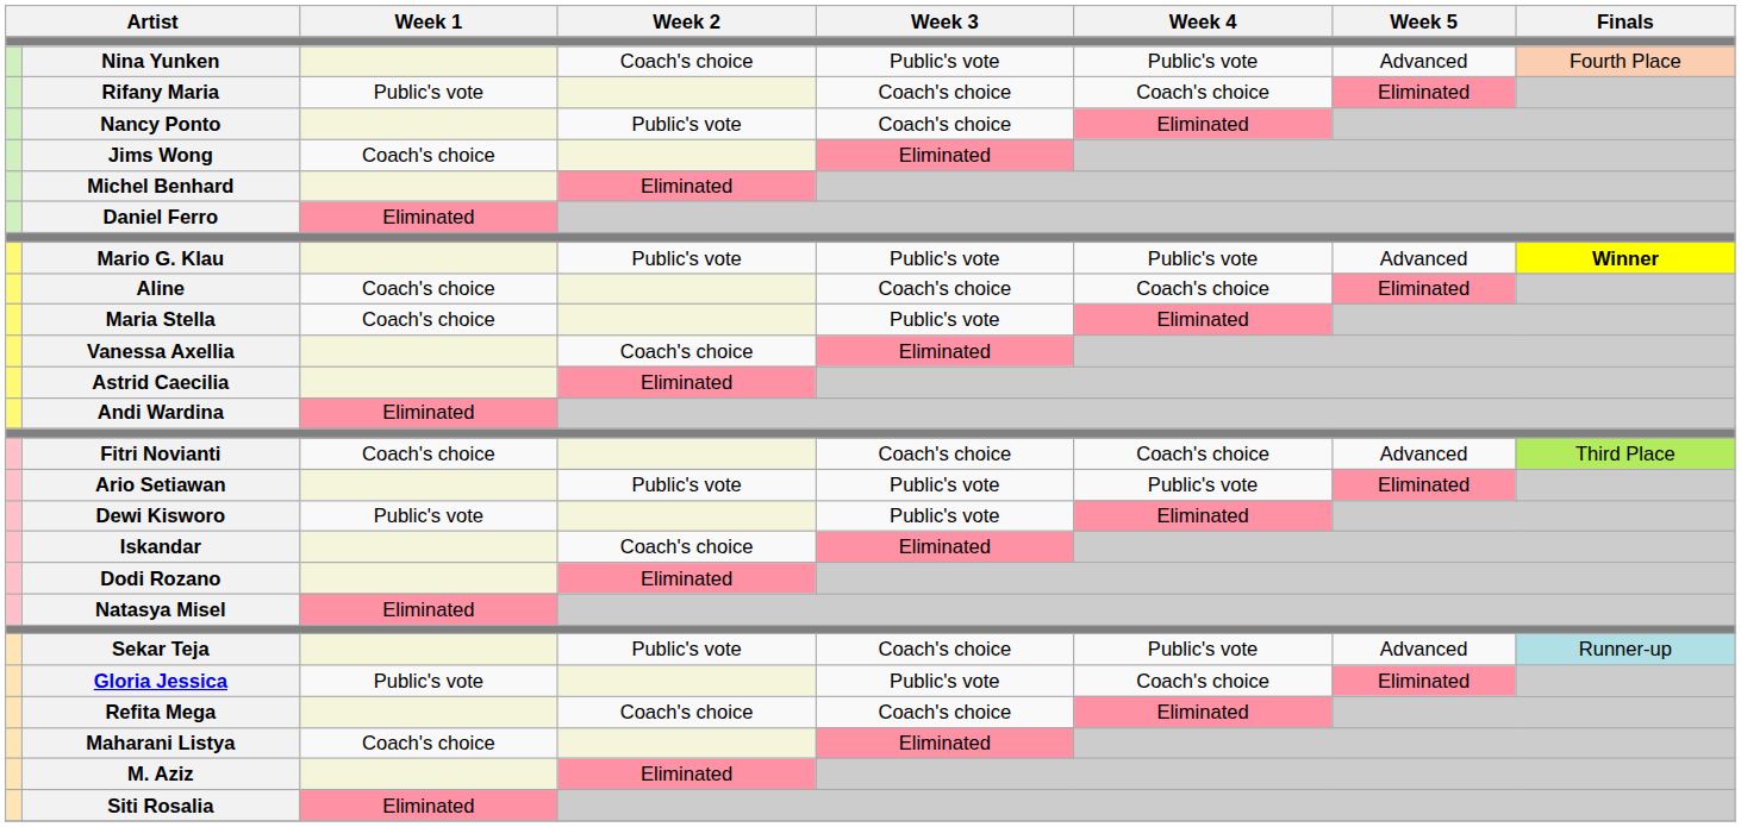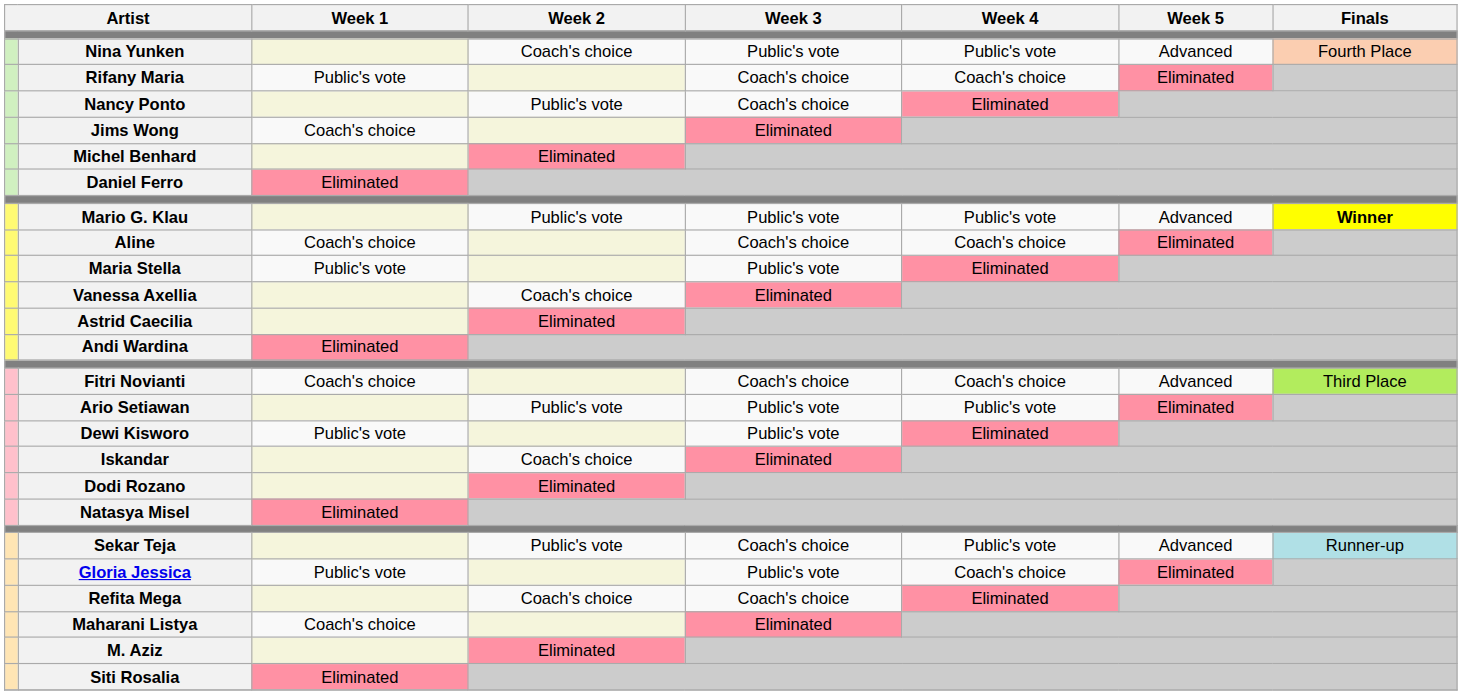 <table class="wikitable"  style="font-size:90%; text-align:center; width:100%;">
 <tr>
 <th colspan="2" width="17%;">Artist</th>
 <th>Week 1</th>
 <th>Week 2</th>
 <th>Week 3</th>
 <th>Week 4</th>
 <th>Week 5</th>
 <th>Finals</th>
 </tr>
 <tr>
 <th colspan="11" style="background:gray;"></th>
 </tr>
 <tr>
 <th style="background:#d0f0c0;"></th>
 <th>Nina Yunken</th>
 <td style="background:#F5F5DC;"></td>
 <td>Coach's choice</td>
 <td>Public's vote</td>
 <td>Public's vote</td>
 <td>Advanced</td>
 <td style="background:#FBCEB1;">Fourth Place</td>
 </tr>
 <tr>
 <th style="background:#d0f0c0;"></th>
 <th>Rifany Maria</th>
 <td>Public's vote</td>
 <td style="background:#F5F5DC;"></td>
 <td>Coach's choice</td>
 <td>Coach's choice</td>
 <td style="background:#FF91A4;">Eliminated</td>
 <td style="background:#ccc;"></td>
 </tr>
 <tr>
 <th style="background:#d0f0c0;"></th>
 <th>Nancy Ponto</th>
 <td style="background:#F5F5DC;"></td>
 <td>Public's vote</td>
 <td>Coach's choice</td>
 <td style="background:#FF91A4;">Eliminated</td>
 <td colspan="2" style="background:#ccc;"></td>
 </tr>
 <tr>
 <th style="background:#d0f0c0;"></th>
 <th>Jims Wong</th>
 <td>Coach's choice</td>
 <td style="background:#F5F5DC;"></td>
 <td style="background:#FF91A4;">Eliminated</td>
 <td colspan="3" style="background:#ccc;"></td>
 </tr>
 <tr>
 <th style="background:#d0f0c0;"></th>
 <th>Michel Benhard</th>
 <td style="background:#F5F5DC;"></td>
 <td style="background:#FF91A4;">Eliminated</td>
 <td colspan="4" style="background:#ccc;"></td>
 </tr>
 <tr>
 <th style="background:#d0f0c0;"></th>
 <th>Daniel Ferro</th>
 <td style="background:#FF91A4;">Eliminated</td>
 <td colspan="5" style="background:#ccc;"></td>
 </tr>
 <tr>
 <th colspan="11" style="background:gray;"></th>
 </tr>
 <tr>
 <th style="background:#fffa73;"></th>
 <th>Mario G. Klau</th>
 <td style="background:#F5F5DC;"></td>
 <td>Public's vote</td>
 <td>Public's vote</td>
 <td>Public's vote</td>
 <td>Advanced</td>
 <td style="background:yellow;"><strong>Winner</strong></td>
 </tr>
 <tr>
 <th style="background:#fffa73;"></th>
 <th>Aline</th>
 <td>Coach's choice</td>
 <td style="background:#F5F5DC;"></td>
 <td>Coach's choice</td>
 <td>Coach's choice</td>
 <td style="background:#FF91A4;">Eliminated</td>
 <td style="background:#ccc;"></td>
 </tr>
 <tr>
 <th style="background:#fffa73;"></th>
 <th>Maria Stella</th>
-<td>Coach's choice</td>
+<td>Public's vote</td>
 <td style="background:#F5F5DC;"></td>
 <td>Public's vote</td>
 <td style="background:#FF91A4;">Eliminated</td>
 <td colspan="2" style="background:#ccc;"></td>
 </tr>
 <tr>
 <th style="background:#fffa73;"></th>
 <th>Vanessa Axellia</th>
 <td style="background:#F5F5DC;"></td>
 <td>Coach's choice</td>
 <td style="background:#FF91A4;">Eliminated</td>
 <td colspan="3" style="background:#ccc;"></td>
 </tr>
 <tr>
 <th style="background:#fffa73;"></th>
 <th>Astrid Caecilia</th>
 <td style="background:#F5F5DC;"></td>
 <td style="background:#FF91A4;">Eliminated</td>
 <td colspan="4" style="background:#ccc;"></td>
 </tr>
 <tr>
 <th style="background:#fffa73;"></th>
 <th>Andi Wardina</th>
 <td style="background:#FF91A4;">Eliminated</td>
 <td colspan="5" style="background:#ccc;"></td>
 </tr>
 <tr>
 <th colspan="11" style="background:gray;"></th>
 </tr>
 <tr>
 <th style="background:pink;"></th>
 <th>Fitri Novianti</th>
 <td>Coach's choice</td>
 <td style="background:#F5F5DC;"></td>
 <td>Coach's choice</td>
 <td>Coach's choice</td>
 <td>Advanced</td>
 <td style="background:#B2EC5D;">Third Place</td>
 </tr>
 <tr>
 <th style="background:pink;"></th>
 <th>Ario Setiawan</th>
 <td style="background:#F5F5DC;"></td>
 <td>Public's vote</td>
 <td>Public's vote</td>
 <td>Public's vote</td>
 <td style="background:#FF91A4;">Eliminated</td>
 <td style="background:#ccc;"></td>
 </tr>
 <tr>
 <th style="background:pink;"></th>
 <th>Dewi Kisworo</th>
 <td>Public's vote</td>
 <td style="background:#F5F5DC;"></td>
 <td>Public's vote</td>
 <td style="background:#FF91A4;">Eliminated</td>
 <td colspan="2" style="background:#ccc;"></td>
 </tr>
 <tr>
 <th style="background:pink;"></th>
 <th>Iskandar</th>
 <td style="background:#F5F5DC;"></td>
 <td>Coach's choice</td>
 <td style="background:#FF91A4;">Eliminated</td>
 <td colspan="3" style="background:#ccc;"></td>
 </tr>
 <tr>
 <th style="background:pink;"></th>
 <th>Dodi Rozano</th>
 <td style="background:#F5F5DC;"></td>
 <td style="background:#FF91A4;">Eliminated</td>
 <td colspan="4" style="background:#ccc;"></td>
 </tr>
 <tr>
 <th style="background:pink;"></th>
 <th>Natasya Misel</th>
 <td style="background:#FF91A4;">Eliminated</td>
 <td colspan="5" style="background:#ccc;"></td>
 </tr>
 <tr>
 <th colspan="11" style="background:gray;"></th>
 </tr>
 <tr>
 <th style="background:#ffe5b4;"></th>
 <th>Sekar Teja</th>
 <td style="background:#F5F5DC;"></td>
 <td>Public's vote</td>
 <td>Coach's choice</td>
 <td>Public's vote</td>
 <td>Advanced</td>
 <td style="background:#B0E0E6;">Runner-up</td>
 </tr>
 <tr>
 <th style="background:#ffe5b4;"></th>
 <th><a href='#'>Gloria Jessica</a></th>
 <td>Public's vote</td>
 <td style="background:#F5F5DC;"></td>
 <td>Public's vote</td>
 <td>Coach's choice</td>
 <td style="background:#FF91A4;">Eliminated</td>
 <td style="background:#ccc;"></td>
 </tr>
 <tr>
 <th style="background:#ffe5b4;"></th>
 <th>Refita Mega</th>
 <td style="background:#F5F5DC;"></td>
 <td>Coach's choice</td>
 <td>Coach's choice</td>
 <td style="background:#FF91A4;">Eliminated</td>
 <td colspan="2" style="background:#ccc;"></td>
 </tr>
 <tr>
 <th style="background:#ffe5b4;"></th>
 <th>Maharani Listya</th>
 <td>Coach's choice</td>
 <td style="background:#F5F5DC;"></td>
 <td style="background:#FF91A4;">Eliminated</td>
 <td colspan="3" style="background:#ccc;"></td>
 </tr>
 <tr>
 <th style="background:#ffe5b4;"></th>
 <th>M. Aziz</th>
 <td style="background:#F5F5DC;"></td>
 <td style="background:#FF91A4;">Eliminated</td>
 <td colspan="4" style="background:#ccc;"></td>
 </tr>
 <tr>
 <th style="background:#ffe5b4;"></th>
 <th>Siti Rosalia</th>
 <td style="background:#FF91A4;">Eliminated</td>
 <td colspan="5" style="background:#ccc;"></td>
 </tr>
 <tr>
 </tr>
 </table>
